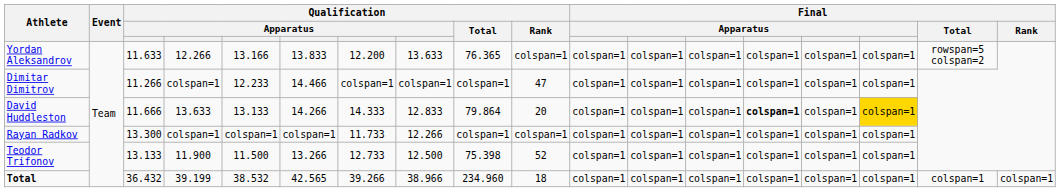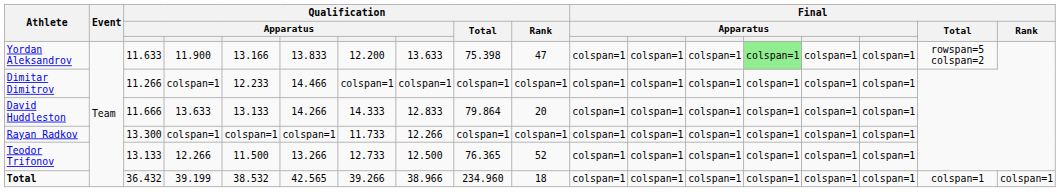 <table class="wikitable" style="font-size:90%">
 <tr>
 <th rowspan=3>Athlete</th>
 <th rowspan=3>Event</th>
 <th colspan =8>Qualification</th>
 <th colspan =8>Final</th>
 </tr>
 <tr style="font-size:95%">
 <th colspan=6>Apparatus</th>
 <th rowspan=2>Total</th>
 <th rowspan=2>Rank</th>
 <th colspan=6>Apparatus</th>
 <th rowspan=2>Total</th>
 <th rowspan=2>Rank</th>
 </tr>
 <tr style="font-size:95%">
 <th></th>
 <th></th>
 <th></th>
 <th></th>
 <th></th>
 <th></th>
 <th></th>
 <th></th>
 <th></th>
 <th></th>
 <th></th>
 <th></th>
 </tr>
 <tr align=center>
 <td align=left><a href='#'>Yordan Aleksandrov</a></td>
 <td align=left rowspan=6>Team</td>
 <td>11.633</td>
-<td>12.266</td>
+<td>11.900</td>
 <td>13.166</td>
 <td>13.833</td>
 <td>12.200</td>
 <td>13.633</td>
-<td>76.365</td>
+<td>75.398</td>
+<td>47</td>
 <td>colspan=1</td>
 <td>colspan=1</td>
 <td>colspan=1</td>
-<td>colspan=1</td>
-<td>colspan=1</td>
+<td style="background: lightgreen;">colspan=1</td>
 <td>colspan=1</td>
 <td>colspan=1</td>
 <td>rowspan=5 colspan=2</td>
 </tr>
 <tr align=center>
 <td align=left><a href='#'>Dimitar Dimitrov</a></td>
 <td>11.266</td>
 <td>colspan=1</td>
 <td>12.233</td>
 <td>14.466</td>
 <td>colspan=1</td>
 <td>colspan=1</td>
 <td>colspan=1</td>
-<td>47</td>
+<td>colspan=1</td>
 <td>colspan=1</td>
 <td>colspan=1</td>
 <td>colspan=1</td>
 <td>colspan=1</td>
 <td>colspan=1</td>
 <td>colspan=1</td>
 </tr>
 <tr align=center>
 <td align=left><a href='#'>David Huddleston</a></td>
 <td>11.666</td>
 <td>13.633</td>
 <td>13.133</td>
 <td>14.266</td>
 <td>14.333</td>
 <td>12.833</td>
 <td>79.864</td>
 <td>20</td>
 <td>colspan=1</td>
 <td>colspan=1</td>
 <td>colspan=1</td>
-<td><strong>colspan=1</strong></td>
 <td>colspan=1</td>
-<td style="background: gold;">colspan=1</td>
+<td>colspan=1</td>
+<td>colspan=1</td>
 </tr>
 <tr align=center>
 <td align=left><a href='#'>Rayan Radkov</a></td>
 <td>13.300</td>
 <td>colspan=1</td>
 <td>colspan=1</td>
 <td>colspan=1</td>
 <td>11.733</td>
 <td>12.266</td>
 <td>colspan=1</td>
 <td>colspan=1</td>
 <td>colspan=1</td>
 <td>colspan=1</td>
 <td>colspan=1</td>
 <td>colspan=1</td>
 <td>colspan=1</td>
 <td>colspan=1</td>
 </tr>
 <tr align=center>
 <td align=left><a href='#'>Teodor Trifonov</a></td>
 <td>13.133</td>
-<td>11.900</td>
+<td>12.266</td>
 <td>11.500</td>
 <td>13.266</td>
 <td>12.733</td>
 <td>12.500</td>
-<td>75.398</td>
+<td>76.365</td>
 <td>52</td>
 <td>colspan=1</td>
 <td>colspan=1</td>
 <td>colspan=1</td>
 <td>colspan=1</td>
 <td>colspan=1</td>
 <td>colspan=1</td>
 </tr>
 <tr align=center>
 <td align=left><strong>Total</strong></td>
 <td>36.432</td>
 <td>39.199</td>
 <td>38.532</td>
 <td>42.565</td>
 <td>39.266</td>
 <td>38.966</td>
 <td>234.960</td>
 <td>18</td>
 <td>colspan=1</td>
 <td>colspan=1</td>
 <td>colspan=1</td>
 <td>colspan=1</td>
 <td>colspan=1</td>
 <td>colspan=1</td>
 <td>colspan=1</td>
 <td>colspan=1</td>
 </tr>
 </table>
